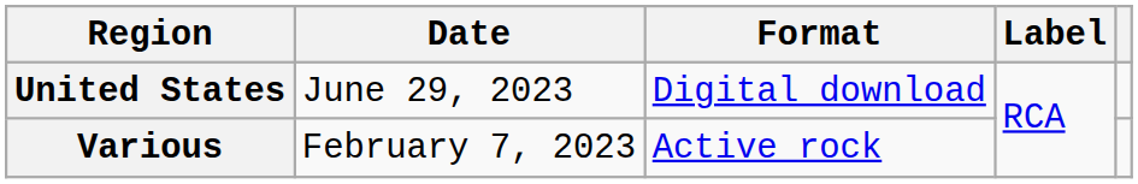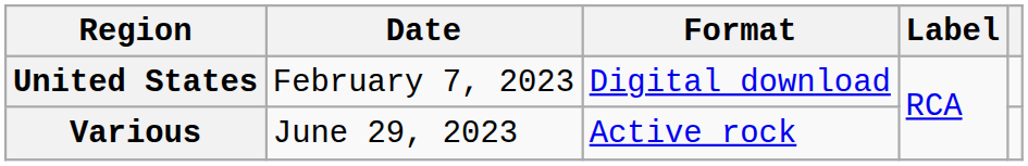 <table class="wikitable plainrowheaders">
 <tr>
 <th scope="col">Region</th>
 <th scope="col">Date</th>
 <th scope="col">Format</th>
 <th scope="col">Label</th>
 <th scope="col"></th>
 </tr>
 <tr>
 <th scope="row">United States</th>
-<td>June 29, 2023</td>
+<td>February 7, 2023</td>
 <td><a href='#'>Digital download</a></td>
 <td rowspan="2"><a href='#'>RCA</a></td>
 <td align="center"></td>
 </tr>
 <tr>
 <th scope="row">Various</th>
-<td>February 7, 2023</td>
+<td>June 29, 2023</td>
 <td><a href='#'>Active rock</a></td>
 <td align="center"></td>
 </tr>
 </table>
